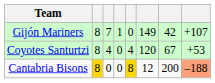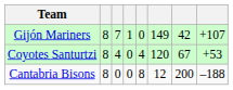 <table class="wikitable sortable" style="text-align: center;">
 <tr>
 <th>Team</th>
 <th></th>
 <th></th>
 <th></th>
 <th></th>
 <th></th>
 <th></th>
 <th></th>
 </tr>
 <tr bgcolor=ccffcc>
 <td><a href='#'>Gijón Mariners</a></td>
 <td>8</td>
 <td>7</td>
 <td>1</td>
 <td>0</td>
 <td>149</td>
 <td>42</td>
 <td>+107</td>
 </tr>
 <tr bgcolor=ccffcc>
 <td><a href='#'>Coyotes Santurtzi</a></td>
 <td>8</td>
 <td>4</td>
 <td>0</td>
 <td>4</td>
 <td>120</td>
 <td>67</td>
 <td>+53</td>
 </tr>
 <tr>
 <td><a href='#'>Cantabria Bisons</a></td>
-<td style="background: gold;">8</td>
+<td>8</td>
 <td>0</td>
 <td>0</td>
-<td style="background: gold;">8</td>
+<td>8</td>
 <td>12</td>
 <td>200</td>
-<td style="background: lightsalmon;">–188</td>
+<td>–188</td>
 </tr>
 </table>
